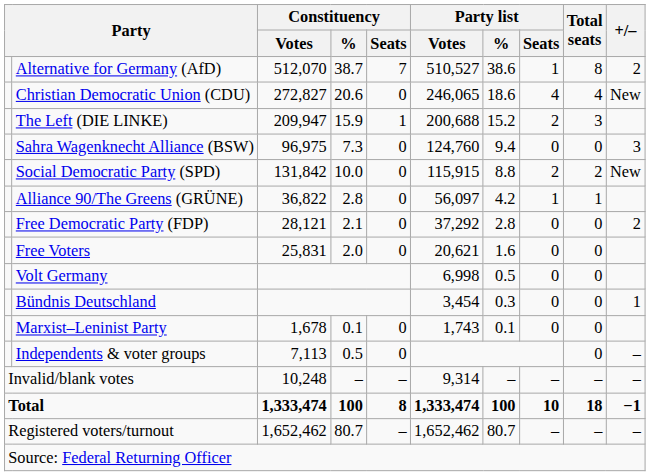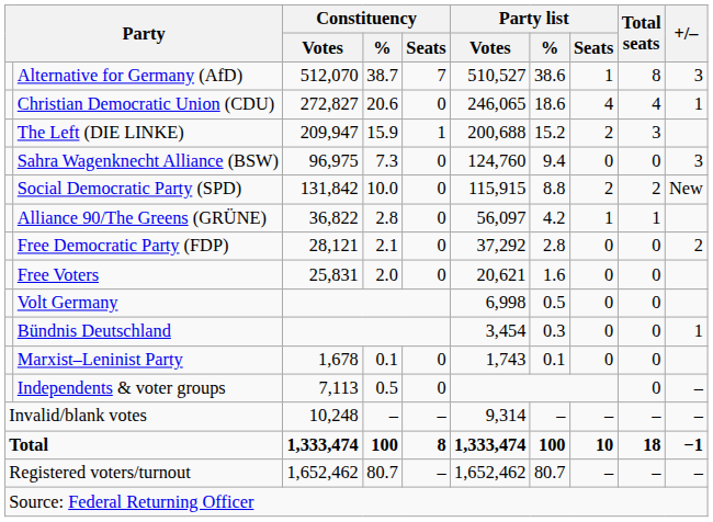 <table class="wikitable" style="text-align:right">
 <tr>
 <th colspan="2" rowspan="2">Party</th>
 <th colspan="3">Constituency</th>
 <th colspan="3">Party list</th>
 <th rowspan="2">Total<br>seats</th>
 <th rowspan="2">+/–</th>
 </tr>
 <tr>
 <th>Votes</th>
 <th>%</th>
 <th>Seats</th>
 <th>Votes</th>
 <th>%</th>
 <th>Seats</th>
 </tr>
 <tr>
 <td></td>
 <td align="left"><a href='#'>Alternative for Germany</a> (AfD)</td>
 <td>512,070</td>
 <td>38.7</td>
 <td>7</td>
 <td>510,527</td>
 <td>38.6</td>
 <td>1</td>
 <td>8</td>
-<td> 2</td>
+<td> 3</td>
 </tr>
 <tr>
 <td></td>
 <td align="left"><a href='#'>Christian Democratic Union</a> (CDU)</td>
 <td>272,827</td>
 <td>20.6</td>
 <td>0</td>
 <td>246,065</td>
 <td>18.6</td>
 <td>4</td>
 <td>4</td>
-<td>New</td>
+<td> 1</td>
 </tr>
 <tr>
 <td></td>
 <td align="left"><a href='#'>The Left</a> (DIE LINKE)</td>
 <td>209,947</td>
 <td>15.9</td>
 <td>1</td>
 <td>200,688</td>
 <td>15.2</td>
 <td>2</td>
 <td>3</td>
 <td></td>
 </tr>
 <tr>
 <td style="background-color:"></td>
 <td align="left"><a href='#'>Sahra Wagenknecht Alliance</a> (BSW)</td>
 <td>96,975</td>
 <td>7.3</td>
 <td>0</td>
 <td>124,760</td>
 <td>9.4</td>
 <td>0</td>
 <td>0</td>
 <td> 3</td>
 </tr>
 <tr>
 <td></td>
 <td align="left"><a href='#'>Social Democratic Party</a> (SPD)</td>
 <td>131,842</td>
 <td>10.0</td>
 <td>0</td>
 <td>115,915</td>
 <td>8.8</td>
 <td>2</td>
 <td>2</td>
 <td>New</td>
 </tr>
 <tr>
 <td></td>
 <td align="left"><a href='#'>Alliance 90/The Greens</a> (GRÜNE)</td>
 <td>36,822</td>
 <td>2.8</td>
 <td>0</td>
 <td>56,097</td>
 <td>4.2</td>
 <td>1</td>
 <td>1</td>
 <td></td>
 </tr>
 <tr>
 <td></td>
 <td align="left"><a href='#'>Free Democratic Party</a> (FDP)</td>
 <td>28,121</td>
 <td>2.1</td>
 <td>0</td>
 <td>37,292</td>
 <td>2.8</td>
 <td>0</td>
 <td>0</td>
 <td> 2</td>
 </tr>
 <tr>
 <td style="background-color:"></td>
 <td align="left"><a href='#'>Free Voters</a></td>
 <td>25,831</td>
 <td>2.0</td>
 <td>0</td>
 <td>20,621</td>
 <td>1.6</td>
 <td>0</td>
 <td>0</td>
 <td></td>
 </tr>
 <tr>
 <td style="background-color:"></td>
 <td align="left"><a href='#'>Volt Germany</a></td>
 <td colspan="3"></td>
 <td>6,998</td>
 <td>0.5</td>
 <td>0</td>
 <td>0</td>
 <td></td>
 </tr>
 <tr>
 <td style="background-color:"></td>
 <td align="left"><a href='#'>Bündnis Deutschland</a></td>
 <td colspan="3"></td>
 <td>3,454</td>
 <td>0.3</td>
 <td>0</td>
 <td>0</td>
 <td> 1</td>
 </tr>
 <tr>
 <td style="background-color:"></td>
 <td align="left"><a href='#'>Marxist–Leninist Party</a></td>
 <td>1,678</td>
 <td>0.1</td>
 <td>0</td>
 <td>1,743</td>
 <td>0.1</td>
 <td>0</td>
 <td>0</td>
 <td></td>
 </tr>
 <tr>
 <td style="background-color:"></td>
 <td align="left"><a href='#'>Independents</a> & voter groups</td>
 <td>7,113</td>
 <td>0.5</td>
 <td>0</td>
 <td colspan="3"></td>
 <td>0</td>
 <td>–</td>
 </tr>
 <tr>
 <td colspan="2" align="left">Invalid/blank votes</td>
 <td>10,248</td>
 <td>–</td>
 <td>–</td>
 <td>9,314</td>
 <td>–</td>
 <td>–</td>
 <td>–</td>
 <td>–</td>
 </tr>
 <tr>
 <td colspan="2" align="left"><strong>Total</strong></td>
 <td><strong>1,333,474</strong></td>
 <td><strong>100</strong></td>
 <td><strong>8</strong></td>
 <td><strong>1,333,474</strong></td>
 <td><strong>100</strong></td>
 <td><strong>10</strong></td>
 <td><strong>18</strong></td>
 <td><strong>−1</strong></td>
 </tr>
 <tr>
 <td colspan="2" align="left">Registered voters/turnout</td>
 <td>1,652,462</td>
 <td>80.7</td>
 <td>–</td>
 <td>1,652,462</td>
 <td>80.7</td>
 <td>–</td>
 <td>–</td>
 <td>–</td>
 </tr>
 <tr>
 <td colspan="10" align="left">Source: <a href='#'>Federal Returning Officer</a></td>
 </tr>
 </table>
